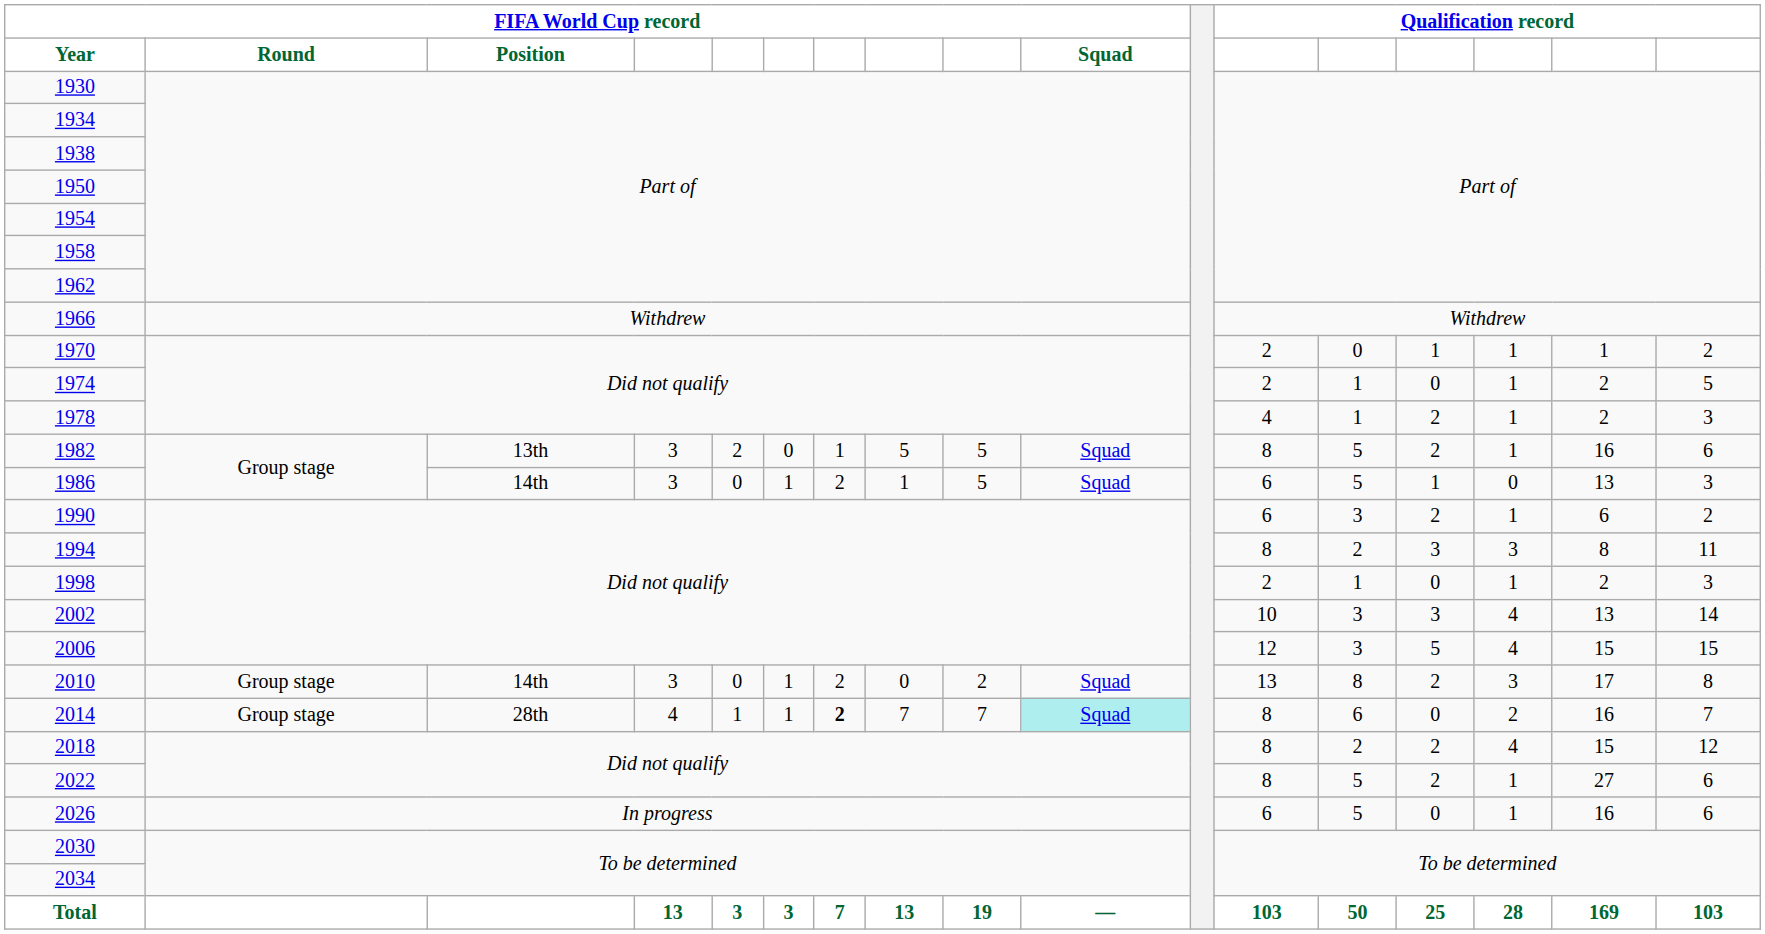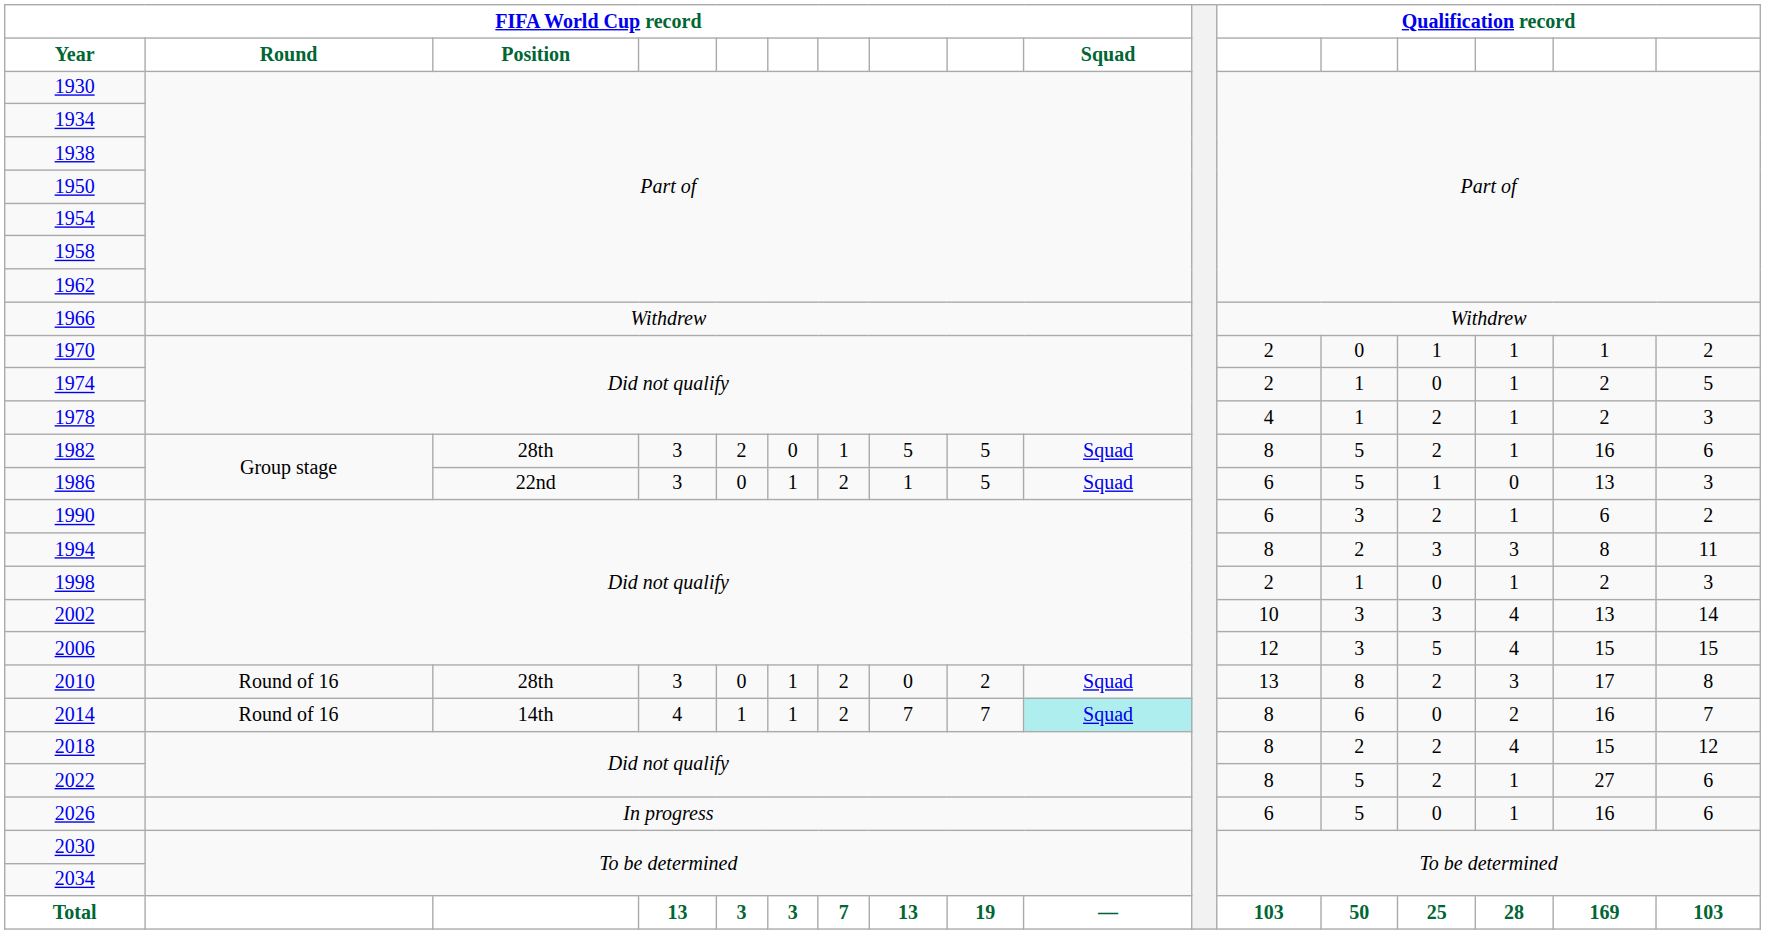 <table class="wikitable" style="text-align:center; font-size:90%; width:100%">
 <tr>
 <th colspan="10" style="background:white; color:#006633; "><a href='#'><span>FIFA World Cup</span></a> record</th>
 <th rowspan="28"></th>
 <th colspan="6" style="background:white; color:#006633; "><a href='#'><span>Qualification</span></a> record</th>
 </tr>
 <tr>
 <th style="background:white; color:#006633; ">Year</th>
 <th style="background:white; color:#006633; ">Round</th>
 <th style="background:white; color:#006633; ">Position</th>
 <th style="background:white; color:#006633; "></th>
 <th style="background:white; color:#006633; "></th>
 <th style="background:white; color:#006633; "></th>
 <th style="background:white; color:#006633; "></th>
 <th style="background:white; color:#006633; "></th>
 <th style="background:white; color:#006633; "></th>
 <th style="background:white; color:#006633; ">Squad</th>
 <th style="background:white; color:#006633; "></th>
 <th style="background:white; color:#006633; "></th>
 <th style="background:white; color:#006633; "></th>
 <th style="background:white; color:#006633; "></th>
 <th style="background:white; color:#006633; "></th>
 <th style="background:white; color:#006633; "></th>
 </tr>
 <tr>
 <td> <a href='#'>1930</a></td>
 <td colspan="9" rowspan="7"><em>Part of </em></td>
 <td colspan="6" rowspan="7"><em>Part of </em></td>
 </tr>
 <tr>
 <td> <a href='#'>1934</a></td>
 </tr>
 <tr>
 <td> <a href='#'>1938</a></td>
 </tr>
 <tr>
 <td> <a href='#'>1950</a></td>
 </tr>
 <tr>
 <td> <a href='#'>1954</a></td>
 </tr>
 <tr>
 <td> <a href='#'>1958</a></td>
 </tr>
 <tr>
 <td> <a href='#'>1962</a></td>
 </tr>
 <tr>
 <td> <a href='#'>1966</a></td>
 <td colspan="9"><em>Withdrew</em></td>
 <td colspan="6"><em>Withdrew</em></td>
 </tr>
 <tr>
 <td> <a href='#'>1970</a></td>
 <td rowspan="3" colspan="9"><em>Did not qualify</em></td>
 <td>2</td>
 <td>0</td>
 <td>1</td>
 <td>1</td>
 <td>1</td>
 <td>2</td>
 </tr>
 <tr>
 <td> <a href='#'>1974</a></td>
 <td>2</td>
 <td>1</td>
 <td>0</td>
 <td>1</td>
 <td>2</td>
 <td>5</td>
 </tr>
 <tr>
 <td> <a href='#'>1978</a></td>
 <td>4</td>
 <td>1</td>
 <td>2</td>
 <td>1</td>
 <td>2</td>
 <td>3</td>
 </tr>
 <tr>
 <td> <a href='#'>1982</a></td>
 <td rowspan="2">Group stage</td>
-<td>13th</td>
+<td>28th</td>
 <td>3</td>
 <td>2</td>
 <td>0</td>
 <td>1</td>
 <td>5</td>
 <td>5</td>
 <td><a href='#'>Squad</a></td>
 <td>8</td>
 <td>5</td>
 <td>2</td>
 <td>1</td>
 <td>16</td>
 <td>6</td>
 </tr>
 <tr>
 <td> <a href='#'>1986</a></td>
-<td>14th</td>
+<td>22nd</td>
 <td>3</td>
 <td>0</td>
 <td>1</td>
 <td>2</td>
 <td>1</td>
 <td>5</td>
 <td><a href='#'>Squad</a></td>
 <td>6</td>
 <td>5</td>
 <td>1</td>
 <td>0</td>
 <td>13</td>
 <td>3</td>
 </tr>
 <tr>
 <td> <a href='#'>1990</a></td>
 <td colspan="9" rowspan="5"><em>Did not qualify</em></td>
 <td>6</td>
 <td>3</td>
 <td>2</td>
 <td>1</td>
 <td>6</td>
 <td>2</td>
 </tr>
 <tr>
 <td> <a href='#'>1994</a></td>
 <td>8</td>
 <td>2</td>
 <td>3</td>
 <td>3</td>
 <td>8</td>
 <td>11</td>
 </tr>
 <tr>
 <td> <a href='#'>1998</a></td>
 <td>2</td>
 <td>1</td>
 <td>0</td>
 <td>1</td>
 <td>2</td>
 <td>3</td>
 </tr>
 <tr>
 <td>  <a href='#'>2002</a></td>
 <td>10</td>
 <td>3</td>
 <td>3</td>
 <td>4</td>
 <td>13</td>
 <td>14</td>
 </tr>
 <tr>
 <td> <a href='#'>2006</a></td>
 <td>12</td>
 <td>3</td>
 <td>5</td>
 <td>4</td>
 <td>15</td>
 <td>15</td>
 </tr>
 <tr>
 <td> <a href='#'>2010</a></td>
-<td>Group stage</td>
-<td>14th</td>
+<td>Round of 16</td>
+<td>28th</td>
 <td>3</td>
 <td>0</td>
 <td>1</td>
 <td>2</td>
 <td>0</td>
 <td>2</td>
 <td><a href='#'>Squad</a></td>
 <td>13</td>
 <td>8</td>
 <td>2</td>
 <td>3</td>
 <td>17</td>
 <td>8</td>
 </tr>
 <tr>
 <td> <a href='#'>2014</a></td>
-<td>Group stage</td>
-<td>28th</td>
+<td>Round of 16</td>
+<td>14th</td>
 <td>4</td>
 <td>1</td>
 <td>1</td>
-<td><strong>2</strong></td>
+<td>2</td>
 <td>7</td>
 <td>7</td>
 <td style="background: paleturquoise;"><a href='#'>Squad</a></td>
 <td>8</td>
 <td>6</td>
 <td>0</td>
 <td>2</td>
 <td>16</td>
 <td>7</td>
 </tr>
 <tr>
 <td> <a href='#'>2018</a></td>
 <td colspan="9" rowspan="2"><em>Did not qualify</em></td>
 <td>8</td>
 <td>2</td>
 <td>2</td>
 <td>4</td>
 <td>15</td>
 <td>12</td>
 </tr>
 <tr>
 <td> <a href='#'>2022</a></td>
 <td>8</td>
 <td>5</td>
 <td>2</td>
 <td>1</td>
 <td>27</td>
 <td>6</td>
 </tr>
 <tr>
 <td>   <a href='#'>2026</a></td>
 <td colspan="9"><em>In progress</em></td>
 <td>6</td>
 <td>5</td>
 <td>0</td>
 <td>1</td>
 <td>16</td>
 <td>6</td>
 </tr>
 <tr>
 <td>   <a href='#'>2030</a></td>
 <td colspan="9" rowspan="2"><em>To be determined</em></td>
 <td colspan="6" rowspan="2"><em>To be determined</em></td>
 </tr>
 <tr>
 <td> <a href='#'>2034</a></td>
 </tr>
 <tr>
 <th style="background:white; color:#006633; ">Total</th>
 <th style="background:white; color:#006633; "></th>
 <th style="background:white; color:#006633; "></th>
 <th style="background:white; color:#006633; ">13</th>
 <th style="background:white; color:#006633; ">3</th>
 <th style="background:white; color:#006633; ">3</th>
 <th style="background:white; color:#006633; ">7</th>
 <th style="background:white; color:#006633; ">13</th>
 <th style="background:white; color:#006633; ">19</th>
 <th style="background:white; color:#006633; ">—</th>
 <th style="background:white; color:#006633; ">103</th>
 <th style="background:white; color:#006633; ">50</th>
 <th style="background:white; color:#006633; ">25</th>
 <th style="background:white; color:#006633; ">28</th>
 <th style="background:white; color:#006633; ">169</th>
 <th style="background:white; color:#006633; ">103</th>
 </tr>
 </table>
